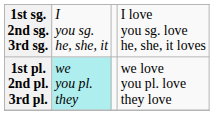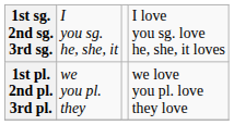 <table class="wikitable">
 <tr>
 <th>1st sg.<br>2nd sg.<br>3rd sg.</th>
 <td><em>I<br>you sg.<br>he, she, it</em></td>
 <td><strong></strong></td>
 <td>I love<br>you sg. love <br>he, she, it loves</td>
 </tr>
 <tr>
 <th>1st pl.<br>2nd pl.<br>3rd pl.</th>
-<td style="background: paleturquoise;"><em>we<br>you pl.<br>they</em></td>
+<td><em>we<br>you pl.<br>they</em></td>
 <td><strong></strong></td>
 <td>we love<br>you pl. love<br>they love</td>
 </tr>
 <tr>
 </tr>
 </table>
